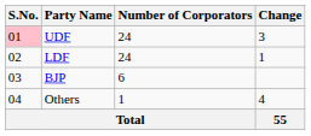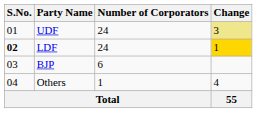 <table class="sortable wikitable">
 <tr>
 <th>S.No.</th>
 <th>Party Name</th>
 <th>Number of Corporators</th>
 <th>Change</th>
 </tr>
 <tr>
-<td style="background: pink;">01</td>
+<td>01</td>
 <td><a href='#'>UDF</a></td>
 <td>24</td>
-<td> 3</td>
+<td style="background: khaki;"> 3</td>
 </tr>
 <tr>
-<td>02</td>
+<td><strong>02</strong></td>
 <td><a href='#'>LDF</a></td>
 <td>24</td>
-<td> 1</td>
+<td style="background: gold;"> 1</td>
 </tr>
 <tr>
 <td>03</td>
 <td><a href='#'>BJP</a></td>
 <td>6</td>
 <td></td>
 </tr>
 <tr>
 <td>04</td>
 <td>Others</td>
 <td>1</td>
 <td> 4</td>
 </tr>
 <tr>
 <th colspan="3">Total</th>
 <th>55</th>
 </tr>
 </table>
